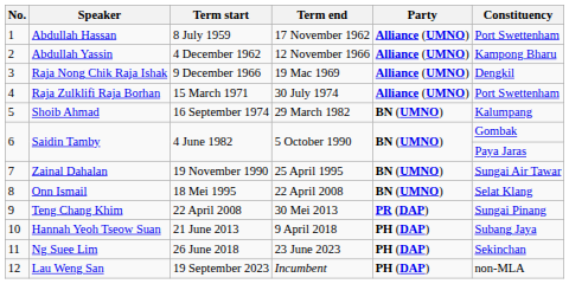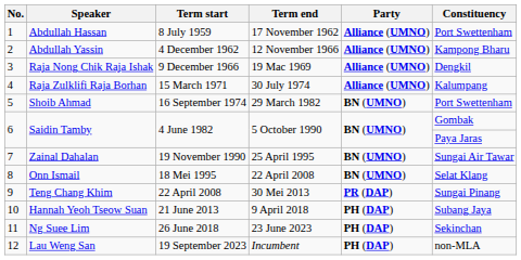 <table class=wikitable>
 <tr>
 <th>No.</th>
 <th>Speaker</th>
 <th>Term start</th>
 <th>Term end</th>
 <th>Party</th>
 <th>Constituency</th>
 </tr>
 <tr>
 <td>1</td>
 <td><a href='#'>Abdullah Hassan</a></td>
 <td>8 July 1959</td>
 <td>17 November 1962</td>
 <td><strong><a href='#'>Alliance</a></strong> (<strong><a href='#'>UMNO</a></strong>)</td>
 <td><a href='#'>Port Swettenham</a></td>
 </tr>
 <tr>
 <td>2</td>
 <td><a href='#'>Abdullah Yassin</a></td>
 <td>4 December 1962</td>
 <td>12 November 1966</td>
 <td><strong><a href='#'>Alliance</a></strong> (<strong><a href='#'>UMNO</a></strong>)</td>
 <td><a href='#'>Kampong Bharu</a></td>
 </tr>
 <tr>
 <td>3</td>
 <td><a href='#'>Raja Nong Chik Raja Ishak</a></td>
 <td>9 December 1966</td>
 <td>19 Mac 1969</td>
 <td><strong><a href='#'>Alliance</a></strong> (<strong><a href='#'>UMNO</a></strong>)</td>
 <td><a href='#'>Dengkil</a></td>
 </tr>
 <tr>
 <td>4</td>
 <td><a href='#'>Raja Zulklifi Raja Borhan</a></td>
 <td>15 March 1971</td>
 <td>30 July 1974</td>
 <td><strong><a href='#'>Alliance</a></strong> (<strong><a href='#'>UMNO</a></strong>)</td>
-<td><a href='#'>Port Swettenham</a></td>
+<td><a href='#'>Kalumpang</a></td>
 </tr>
 <tr>
 <td>5</td>
 <td><a href='#'>Shoib Ahmad</a></td>
 <td>16 September 1974</td>
 <td>29 March 1982</td>
 <td><strong>BN</strong> (<strong><a href='#'>UMNO</a></strong>)</td>
-<td><a href='#'>Kalumpang</a></td>
+<td><a href='#'>Port Swettenham</a></td>
 </tr>
 <tr>
 <td rowspan=2>6</td>
 <td rowspan=2><a href='#'>Saidin Tamby</a></td>
 <td rowspan="2">4 June 1982</td>
 <td rowspan=2>5 October 1990</td>
 <td rowspan=2><strong>BN</strong> (<strong><a href='#'>UMNO</a></strong>)</td>
 <td><a href='#'>Gombak</a></td>
 </tr>
 <tr>
 <td><a href='#'>Paya Jaras</a></td>
 </tr>
 <tr>
 <td>7</td>
 <td><a href='#'>Zainal Dahalan</a></td>
 <td>19 November 1990</td>
 <td>25 April 1995</td>
 <td><strong>BN</strong> (<strong><a href='#'>UMNO</a></strong>)</td>
 <td><a href='#'>Sungai Air Tawar</a></td>
 </tr>
 <tr>
 <td>8</td>
 <td><a href='#'>Onn Ismail</a></td>
 <td>18 Mei 1995</td>
 <td>22 April 2008</td>
 <td><strong>BN</strong> (<strong><a href='#'>UMNO</a></strong>)</td>
 <td><a href='#'>Selat Klang</a></td>
 </tr>
 <tr>
 <td>9</td>
 <td><a href='#'>Teng Chang Khim</a></td>
 <td>22 April 2008</td>
 <td>30 Mei 2013</td>
 <td><strong><a href='#'>PR</a></strong> (<strong><a href='#'>DAP</a></strong>)</td>
 <td><a href='#'>Sungai Pinang</a></td>
 </tr>
 <tr>
 <td>10</td>
 <td><a href='#'>Hannah Yeoh Tseow Suan</a></td>
 <td>21 June 2013</td>
 <td>9 April 2018</td>
 <td><strong>PH</strong> (<strong><a href='#'>DAP</a></strong>)</td>
 <td><a href='#'>Subang Jaya</a></td>
 </tr>
 <tr>
 <td>11</td>
 <td><a href='#'>Ng Suee Lim</a></td>
 <td>26 June 2018</td>
 <td>23 June 2023</td>
 <td><strong>PH</strong> (<strong><a href='#'>DAP</a></strong>)</td>
 <td><a href='#'>Sekinchan</a></td>
 </tr>
 <tr>
 <td>12</td>
 <td><a href='#'>Lau Weng San</a></td>
 <td>19 September 2023</td>
 <td><em>Incumbent</em></td>
 <td><strong>PH</strong> (<strong><a href='#'>DAP</a></strong>)</td>
 <td>non-MLA</td>
 </tr>
 </table>
